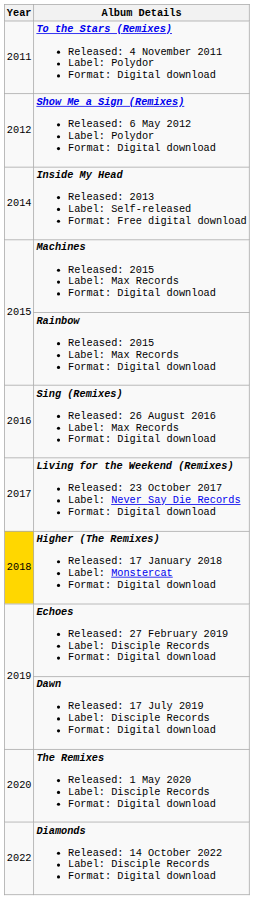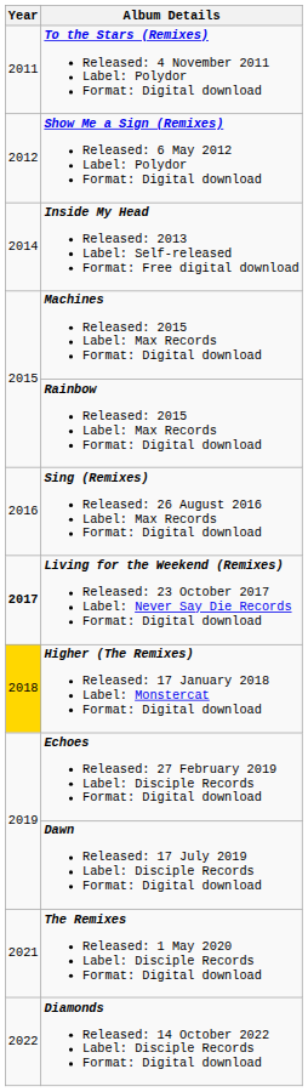 <table class="wikitable">
 <tr>
 <th>Year</th>
 <th>Album Details</th>
 </tr>
 <tr>
 <td style="text-align:center;">2011</td>
 <td><strong><em><a href='#'>To the Stars (Remixes)</a></em></strong><br><ul><li>Released: 4 November 2011</li><li>Label: Polydor</li><li>Format: Digital download</li></ul></td>
 </tr>
 <tr>
 <td style="text-align:center;">2012</td>
 <td><strong><em><a href='#'>Show Me a Sign (Remixes)</a></em></strong><br><ul><li>Released: 6 May 2012</li><li>Label: Polydor</li><li>Format: Digital download</li></ul></td>
 </tr>
 <tr>
 <td style="text-align:center;">2014</td>
 <td><strong><em>Inside My Head</em></strong><br><ul><li>Released: 2013</li><li>Label: Self-released</li><li>Format: Free digital download</li></ul></td>
 </tr>
 <tr>
 <td rowspan="2" style="text-align:center;">2015</td>
 <td><strong><em>Machines</em></strong><br><ul><li>Released: 2015</li><li>Label: Max Records</li><li>Format: Digital download</li></ul></td>
 </tr>
 <tr>
 <td><strong><em>Rainbow</em></strong><br><ul><li>Released: 2015</li><li>Label: Max Records</li><li>Format: Digital download</li></ul></td>
 </tr>
 <tr>
 <td>2016</td>
 <td><strong><em>Sing (Remixes)</em></strong><br><ul><li>Released: 26 August 2016</li><li>Label: Max Records</li><li>Format: Digital download</li></ul></td>
 </tr>
 <tr>
-<td>2017</td>
+<td><strong>2017</strong></td>
 <td><strong><em>Living for the Weekend (Remixes)</em></strong><br><ul><li>Released: 23 October 2017</li><li>Label: <a href='#'>Never Say Die Records</a></li><li>Format: Digital download</li></ul></td>
 </tr>
 <tr>
 <td style="background: gold;">2018</td>
 <td><strong><em>Higher (The Remixes)</em></strong><br><ul><li>Released: 17 January 2018</li><li>Label: <a href='#'>Monstercat</a></li><li>Format: Digital download</li></ul></td>
 </tr>
 <tr>
 <td rowspan="2" style="text-align:center;' ">2019</td>
 <td><strong><em>Echoes</em></strong><br><ul><li>Released: 27 February 2019</li><li>Label: Disciple Records</li><li>Format: Digital download</li></ul></td>
 </tr>
 <tr>
 <td><strong><em>Dawn</em></strong><br><ul><li>Released: 17 July 2019</li><li>Label: Disciple Records</li><li>Format: Digital download</li></ul></td>
 </tr>
 <tr>
-<td>2020</td>
+<td>2021</td>
 <td><strong><em>The Remixes</em></strong><br><ul><li>Released: 1 May 2020</li><li>Label: Disciple Records</li><li>Format: Digital download</li></ul></td>
 </tr>
 <tr>
 <td>2022</td>
 <td><strong><em>Diamonds</em></strong><br><ul><li>Released: 14 October 2022</li><li>Label: Disciple Records</li><li>Format: Digital download</li></ul></td>
 </tr>
 </table>
